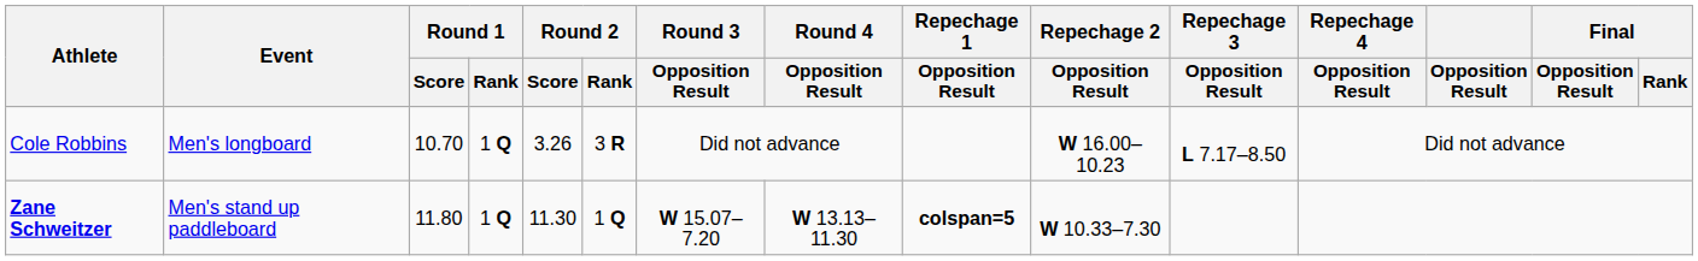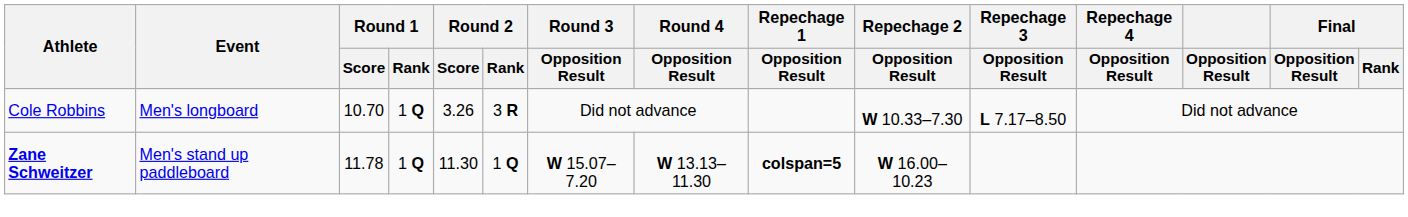 <table class=wikitable style=font-size:90%;text-align:center>
 <tr>
 <th rowspan=2>Athlete</th>
 <th rowspan=2>Event</th>
 <th colspan=2>Round 1</th>
 <th colspan=2>Round 2</th>
 <th>Round 3</th>
 <th>Round 4</th>
 <th>Repechage 1</th>
 <th>Repechage 2</th>
 <th>Repechage 3</th>
 <th>Repechage 4</th>
 <th></th>
 <th colspan=2>Final</th>
 </tr>
 <tr style=font-size:95%>
 <th>Score</th>
 <th>Rank</th>
 <th>Score</th>
 <th>Rank</th>
 <th>Opposition<br>Result</th>
 <th>Opposition<br>Result</th>
 <th>Opposition<br>Result</th>
 <th>Opposition<br>Result</th>
 <th>Opposition<br>Result</th>
 <th>Opposition<br>Result</th>
 <th>Opposition<br>Result</th>
 <th>Opposition<br>Result</th>
 <th>Rank</th>
 </tr>
 <tr>
 <td align=left><a href='#'>Cole Robbins</a></td>
 <td align=left><a href='#'>Men's longboard</a></td>
 <td>10.70</td>
 <td>1 <strong>Q</strong></td>
 <td>3.26</td>
 <td>3 <strong>R</strong></td>
 <td colspan=2>Did not advance</td>
 <td></td>
-<td><br><strong>W</strong> 16.00–10.23</td>
+<td><br><strong>W</strong> 10.33–7.30</td>
 <td><br><strong>L</strong> 7.17–8.50</td>
 <td colspan=4>Did not advance</td>
 </tr>
 <tr>
 <td align=left><strong><a href='#'>Zane Schweitzer</a></strong></td>
 <td align=left><a href='#'>Men's stand up paddleboard</a></td>
-<td>11.80</td>
+<td>11.78</td>
 <td>1 <strong>Q</strong></td>
 <td>11.30</td>
 <td>1 <strong>Q</strong></td>
 <td><br><strong>W</strong> 15.07–7.20</td>
 <td><br><strong>W</strong> 13.13–11.30</td>
 <td><strong>colspan=5 </strong></td>
-<td><br><strong>W</strong> 10.33–7.30</td>
+<td><br><strong>W</strong> 16.00–10.23</td>
 <td></td>
 </tr>
 </table>
